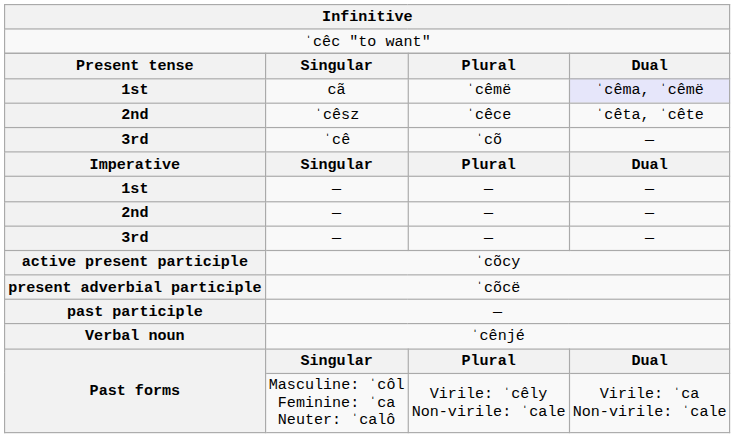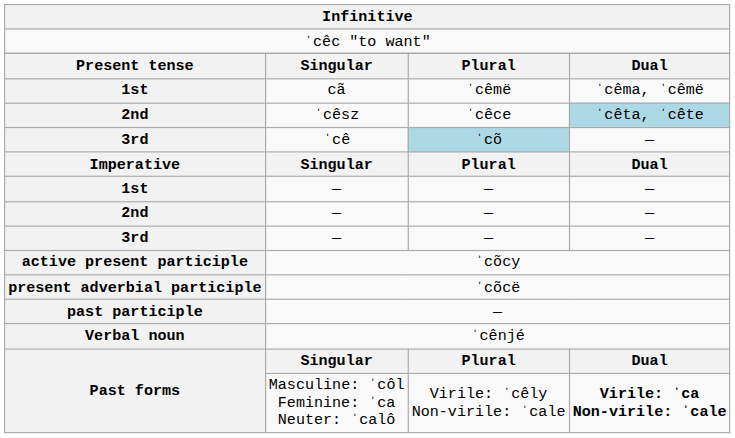 <table class="wikitable" style="text-align:center;">
 <tr>
 <th colspan="4">Infinitive</th>
 </tr>
 <tr>
 <td colspan="4">ˈcêc "to want"</td>
 </tr>
 <tr>
 </tr>
 <tr>
 <th>Present tense</th>
 <th>Singular</th>
 <th>Plural</th>
 <th>Dual</th>
 </tr>
 <tr>
 <th>1st</th>
 <td>cã</td>
 <td>ˈcêmë</td>
-<td style="background: lavender;">ˈcêma, ˈcêmë</td>
+<td>ˈcêma, ˈcêmë</td>
 </tr>
 <tr>
 <th>2nd</th>
 <td>ˈcêsz</td>
 <td>ˈcêce</td>
-<td>ˈcêta, ˈcête</td>
+<td style="background: lightblue;">ˈcêta, ˈcête</td>
 </tr>
 <tr>
 <th>3rd</th>
 <td>ˈcê</td>
-<td>ˈcõ</td>
+<td style="background: lightblue;">ˈcõ</td>
 <td>—</td>
 </tr>
 <tr>
 <th>Imperative</th>
 <th>Singular</th>
 <th>Plural</th>
 <th>Dual</th>
 </tr>
 <tr>
 <th>1st</th>
 <td>—</td>
 <td>—</td>
 <td>—</td>
 </tr>
 <tr>
 <th>2nd</th>
 <td>—</td>
 <td>—</td>
 <td>—</td>
 </tr>
 <tr>
 <th>3rd</th>
 <td>—</td>
 <td>—</td>
 <td>—</td>
 </tr>
 <tr>
 <th>active present participle</th>
 <td colspan="3">ˈcõcy</td>
 </tr>
 <tr>
 <th>present adverbial participle</th>
 <td colspan="3">ˈcõcë</td>
 </tr>
 <tr>
 <th>past participle</th>
 <td colspan="3">—</td>
 </tr>
 <tr>
 <th>Verbal noun</th>
 <td colspan="3">ˈcênjé</td>
 </tr>
 <tr>
 <th rowspan="2">Past forms</th>
 <th>Singular</th>
 <th>Plural</th>
 <th>Dual</th>
 </tr>
 <tr>
 <td>Masculine: ˈcôl<br>Feminine: ˈca<br>Neuter: ˈcalô</td>
 <td>Virile: ˈcêly<br>Non-virile: ˈcale</td>
-<td>Virile: ˈca<br>Non-virile: ˈcale</td>
+<td><strong>Virile: ˈca<br>Non-virile: ˈcale</strong></td>
 </tr>
 </table>
